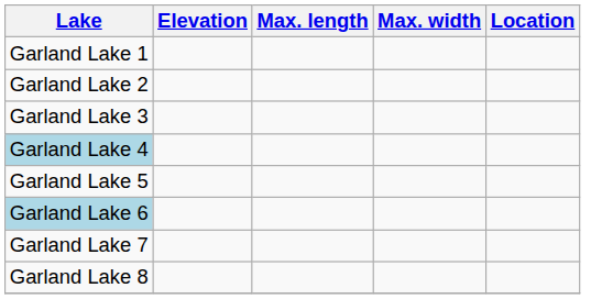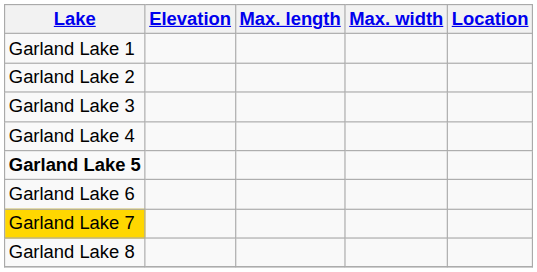 <table class="wikitable sortable">
 <tr>
 <th><a href='#'>Lake</a></th>
 <th><a href='#'>Elevation</a></th>
 <th><a href='#'>Max. length</a></th>
 <th><a href='#'>Max. width</a></th>
 <th><a href='#'>Location</a></th>
 </tr>
 <tr>
 <td>Garland Lake 1</td>
 <td></td>
 <td></td>
 <td></td>
 <td></td>
 </tr>
 <tr>
 <td>Garland Lake 2</td>
 <td></td>
 <td></td>
 <td></td>
 <td></td>
 </tr>
 <tr>
 <td>Garland Lake 3</td>
 <td></td>
 <td></td>
 <td></td>
 <td></td>
 </tr>
 <tr>
-<td style="background: lightblue;">Garland Lake 4</td>
+<td>Garland Lake 4</td>
 <td></td>
 <td></td>
 <td></td>
 <td></td>
 </tr>
 <tr>
-<td>Garland Lake 5</td>
+<td><strong>Garland Lake 5</strong></td>
 <td></td>
 <td></td>
 <td></td>
 <td></td>
 </tr>
 <tr>
-<td style="background: lightblue;">Garland Lake 6</td>
+<td>Garland Lake 6</td>
 <td></td>
 <td></td>
 <td></td>
 <td></td>
 </tr>
 <tr>
-<td>Garland Lake 7</td>
+<td style="background: gold;">Garland Lake 7</td>
 <td></td>
 <td></td>
 <td></td>
 <td></td>
 </tr>
 <tr>
 <td>Garland Lake 8</td>
 <td></td>
 <td></td>
 <td></td>
 <td></td>
 </tr>
 <tr>
 </tr>
 </table>
